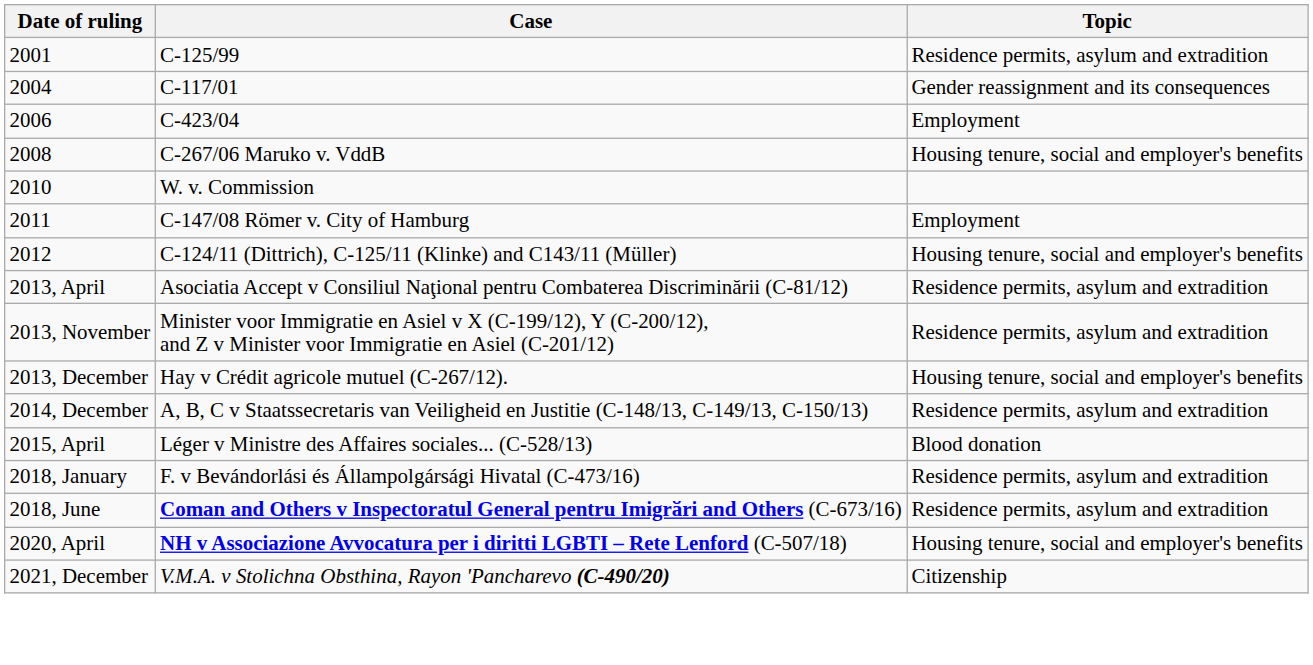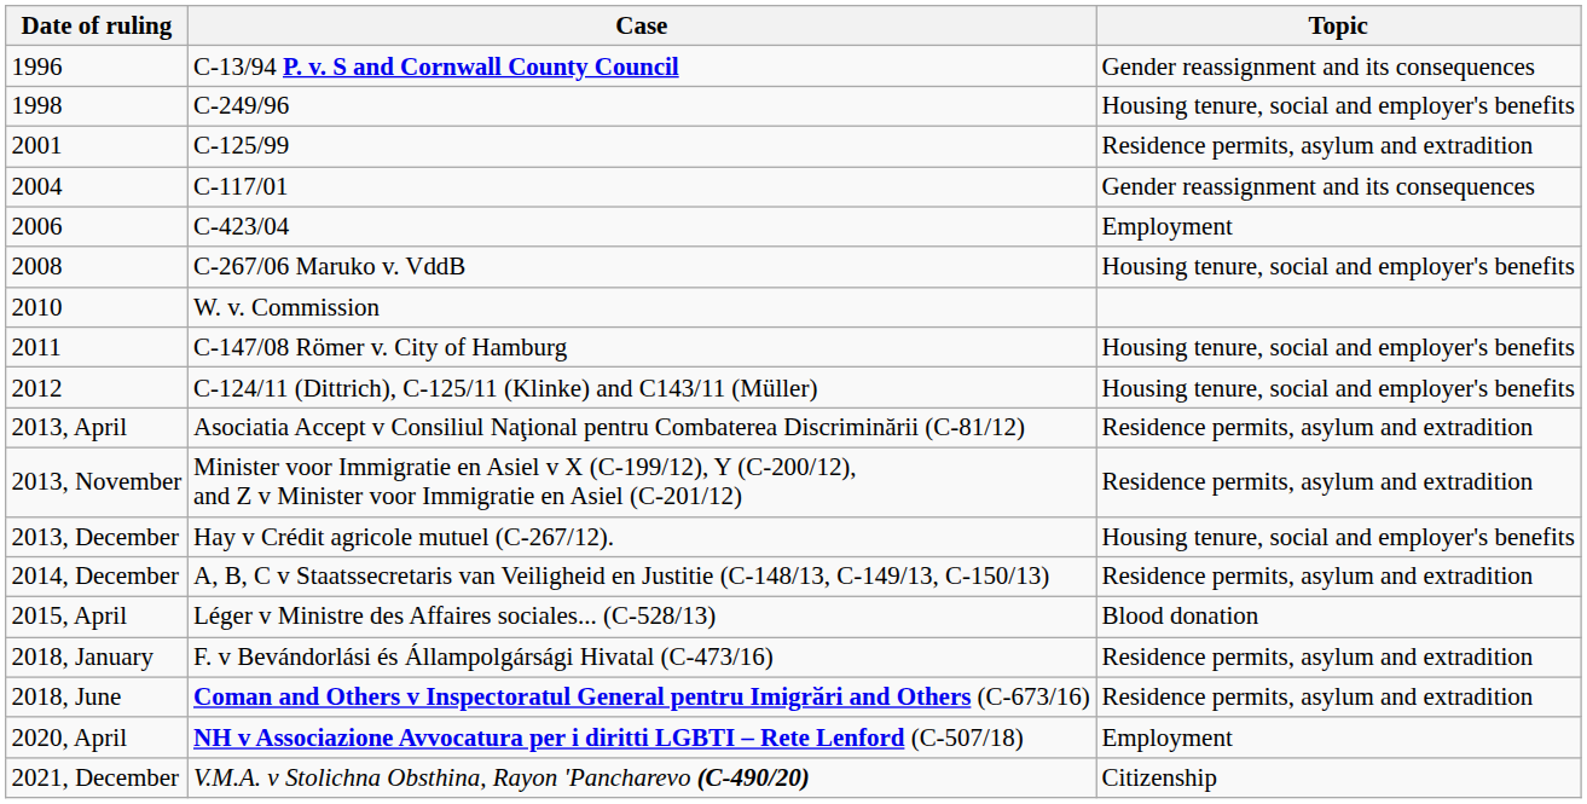 <table class="wikitable sortable">
 <tr>
 <th>Date of ruling</th>
 <th>Case</th>
 <th>Topic</th>
+</tr>
+<tr>
+<td>1996</td>
+<td>C-13/94 <strong><a href='#'>P. v. S and Cornwall County Council</a></strong></td>
+<td>Gender reassignment and its consequences</td>
+</tr>
+<tr>
+<td>1998</td>
+<td>C-249/96 </td>
+<td>Housing tenure, social and employer's benefits</td>
 </tr>
 <tr>
 <td>2001</td>
 <td>C-125/99 </td>
 <td>Residence permits, asylum and extradition</td>
 </tr>
 <tr>
 <td>2004</td>
 <td>C-117/01 </td>
 <td>Gender reassignment and its consequences</td>
 </tr>
 <tr>
 <td>2006</td>
 <td>C-423/04 </td>
 <td>Employment</td>
 </tr>
 <tr>
 <td>2008</td>
 <td>C-267/06 Maruko v. VddB</td>
 <td>Housing tenure, social and employer's benefits</td>
 </tr>
 <tr>
 <td>2010</td>
 <td>W. v. Commission</td>
 </tr>
 <tr>
 <td>2011</td>
 <td>C-147/08 Römer v. City of Hamburg</td>
-<td>Employment</td>
+<td>Housing tenure, social and employer's benefits</td>
 </tr>
 <tr>
 <td>2012</td>
 <td>C-124/11 (Dittrich), C-125/11 (Klinke) and C143/11 (Müller)</td>
 <td>Housing tenure, social and employer's benefits</td>
 </tr>
 <tr>
 <td>2013, April</td>
 <td>Asociatia Accept v Consiliul Naţional pentru Combaterea Discriminării (C-81/12)</td>
 <td>Residence permits, asylum and extradition</td>
 </tr>
 <tr>
 <td>2013, November</td>
 <td>Minister voor Immigratie en Asiel v X (C-199/12), Y (C-200/12),<br>and Z v Minister voor Immigratie en Asiel (C-201/12)</td>
 <td>Residence permits, asylum and extradition</td>
 </tr>
 <tr>
 <td>2013, December</td>
 <td>Hay v Crédit agricole mutuel (C-267/12).</td>
 <td>Housing tenure, social and employer's benefits</td>
 </tr>
 <tr>
 <td>2014, December</td>
 <td>A, B, C v Staatssecretaris van Veiligheid en Justitie (C-148/13, C-149/13, C-150/13)</td>
 <td>Residence permits, asylum and extradition</td>
 </tr>
 <tr>
 <td>2015, April</td>
 <td>Léger v Ministre des Affaires sociales... (C-528/13)</td>
 <td>Blood donation</td>
 </tr>
 <tr>
 <td>2018, January</td>
 <td>F. v Bevándorlási és Állampolgársági Hivatal (C-473/16)</td>
 <td>Residence permits, asylum and extradition</td>
 </tr>
 <tr>
 <td>2018, June</td>
 <td><strong><a href='#'>Coman and Others v Inspectoratul General pentru Imigrӑri and Others</a></strong> (C-673/16)</td>
 <td>Residence permits, asylum and extradition</td>
 </tr>
 <tr>
 <td>2020, April</td>
 <td><strong><a href='#'>NH v Associazione Avvocatura per i diritti LGBTI – Rete Lenford</a></strong> (C-507/18)</td>
-<td>Housing tenure, social and employer's benefits</td>
+<td>Employment</td>
 </tr>
 <tr>
 <td>2021, December</td>
 <td><em>V.M.A. v Stolichna Obsthina, Rayon 'Pancharevo<strong> (C-490/20)</td>
 <td>Citizenship</td>
 </tr>
 </table>
